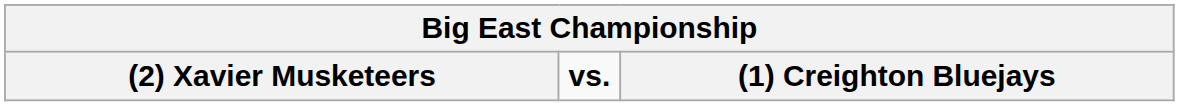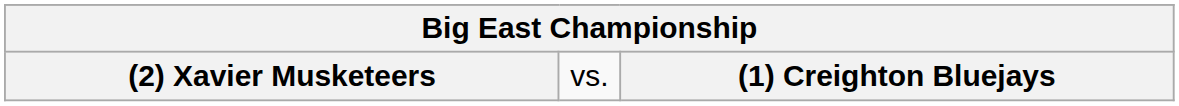 <table class="wikitable">
 <tr>
 <th style="width: 604px;" colspan=3>Big East Championship</th>
 </tr>
 <tr>
 <th style="width: 289px; ">(2) Xavier Musketeers</th>
-<td style="width: 25px; text-align:center"><strong>vs.</strong></td>
+<td style="width: 25px; text-align:center">vs.</td>
 <th style="width: 289px; ">(1) Creighton Bluejays</th>
 </tr>
 </table>
